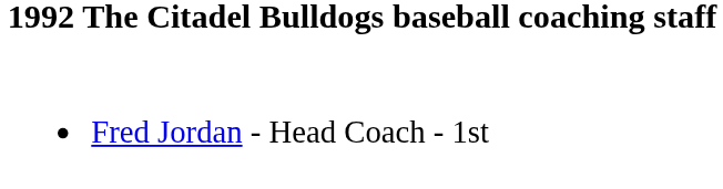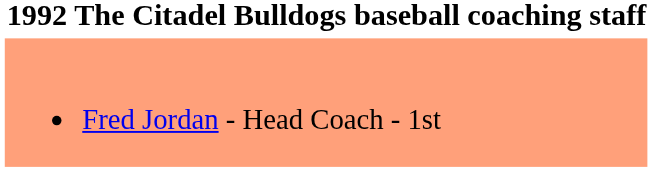 <table class="toccolours" style="text-align: left;">
 <tr>
 <th colspan="9">1992 The Citadel Bulldogs baseball coaching staff</th>
 </tr>
 <tr>
-<td style="font-size: 95%;" valign="top"><br><ul><li><a href='#'>Fred Jordan</a> - Head Coach - 1st</li></ul></td>
+<td style="background: lightsalmon; font-size: 95%;" valign="top"><br><ul><li><a href='#'>Fred Jordan</a> - Head Coach - 1st</li></ul></td>
 </tr>
 </table>
